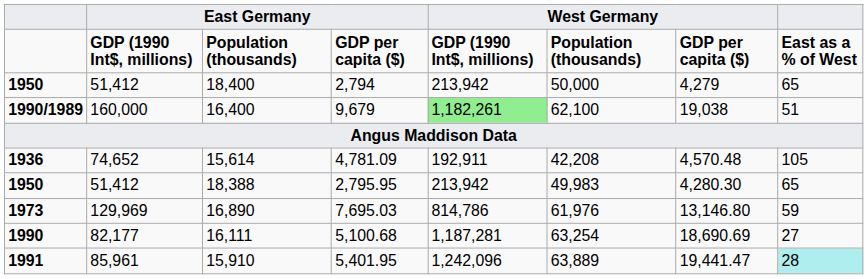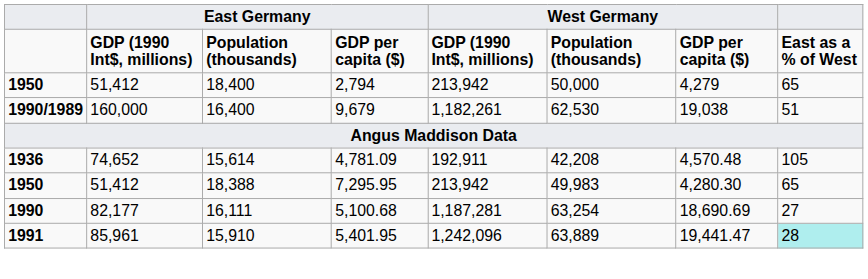 <table class="wikitable">
 <tr style="background: #eaecf0">
 <td></td>
 <td colspan="3" style="text-align: center"><strong>East Germany</strong></td>
 <td colspan="3" style="text-align: center"><strong>West Germany</strong></td>
 <td></td>
 </tr>
 <tr>
 <td></td>
 <td><strong>GDP (1990 Int$, millions)</strong></td>
 <td><strong>Population (thousands)</strong></td>
 <td><strong>GDP per capita ($)</strong></td>
 <td><strong>GDP (1990 Int$, millions)</strong></td>
 <td><strong>Population (thousands)</strong></td>
 <td><strong>GDP per capita ($)</strong></td>
 <td><strong>East as a % of West</strong></td>
 </tr>
 <tr>
 <td><strong>1950</strong></td>
 <td>51,412</td>
 <td>18,400</td>
 <td>2,794</td>
 <td>213,942</td>
 <td>50,000</td>
 <td>4,279</td>
 <td>65</td>
 </tr>
 <tr>
 <td><strong>1990/1989</strong></td>
 <td>160,000</td>
 <td>16,400</td>
 <td>9,679</td>
-<td style="background: lightgreen;">1,182,261</td>
-<td>62,100</td>
+<td>1,182,261</td>
+<td>62,530</td>
 <td>19,038</td>
 <td>51</td>
 </tr>
 <tr>
 <td colspan="8" style="text-align: center; background: #eaecf0"><strong>Angus Maddison Data</strong></td>
 </tr>
 <tr>
 <td><strong>1936</strong></td>
 <td>74,652</td>
 <td>15,614</td>
 <td>4,781.09</td>
 <td>192,911</td>
 <td>42,208</td>
 <td>4,570.48</td>
 <td>105</td>
 </tr>
 <tr>
 <td><strong>1950</strong></td>
 <td>51,412</td>
 <td>18,388</td>
-<td>2,795.95</td>
+<td>7,295.95</td>
 <td>213,942</td>
 <td>49,983</td>
 <td>4,280.30</td>
 <td>65</td>
-</tr>
-<tr>
-<td><strong>1973</strong></td>
-<td>129,969</td>
-<td>16,890</td>
-<td>7,695.03</td>
-<td>814,786</td>
-<td>61,976</td>
-<td>13,146.80</td>
-<td>59</td>
 </tr>
 <tr>
 <td><strong>1990</strong></td>
 <td>82,177</td>
 <td>16,111</td>
 <td>5,100.68</td>
 <td>1,187,281</td>
 <td>63,254</td>
 <td>18,690.69</td>
 <td>27</td>
 </tr>
 <tr>
 <td><strong>1991</strong></td>
 <td>85,961</td>
 <td>15,910</td>
 <td>5,401.95</td>
 <td>1,242,096</td>
 <td>63,889</td>
 <td>19,441.47</td>
 <td style="background: paleturquoise;">28</td>
 </tr>
 </table>
